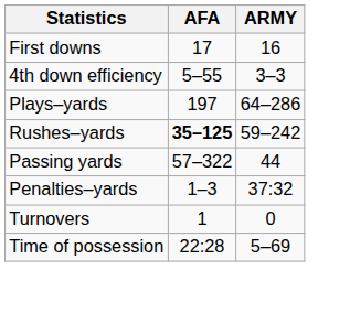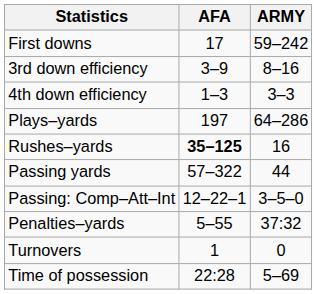 <table class="wikitable">
 <tr>
 <th>Statistics</th>
 <th>AFA</th>
 <th>ARMY</th>
 </tr>
 <tr>
 <td>First downs</td>
 <td align=center>17</td>
-<td align=center>16</td>
+<td align=center>59–242</td>
+</tr>
+<tr>
+<td>3rd down efficiency</td>
+<td align=center>3–9</td>
+<td align=center>8–16</td>
 </tr>
 <tr>
 <td>4th down efficiency</td>
-<td align=center>5–55</td>
+<td align=center>1–3</td>
 <td align=center>3–3</td>
 </tr>
 <tr>
 <td>Plays–yards</td>
 <td align=center>197</td>
 <td align=center>64–286</td>
 </tr>
 <tr>
 <td>Rushes–yards</td>
 <td align=center><strong>35–125</strong></td>
-<td align=center>59–242</td>
+<td align=center>16</td>
 </tr>
 <tr>
 <td>Passing yards</td>
 <td align=center>57–322</td>
 <td align=center>44</td>
 </tr>
 <tr>
+<td>Passing: Comp–Att–Int</td>
+<td align=center>12–22–1</td>
+<td align=center>3–5–0</td>
+</tr>
+<tr>
 <td>Penalties–yards</td>
-<td align=center>1–3</td>
+<td align=center>5–55</td>
 <td align=center>37:32</td>
 </tr>
 <tr>
 <td>Turnovers</td>
 <td align=center>1</td>
 <td align=center>0</td>
 </tr>
 <tr>
 <td>Time of possession</td>
 <td align=center>22:28</td>
 <td align=center>5–69</td>
 </tr>
 </table>
